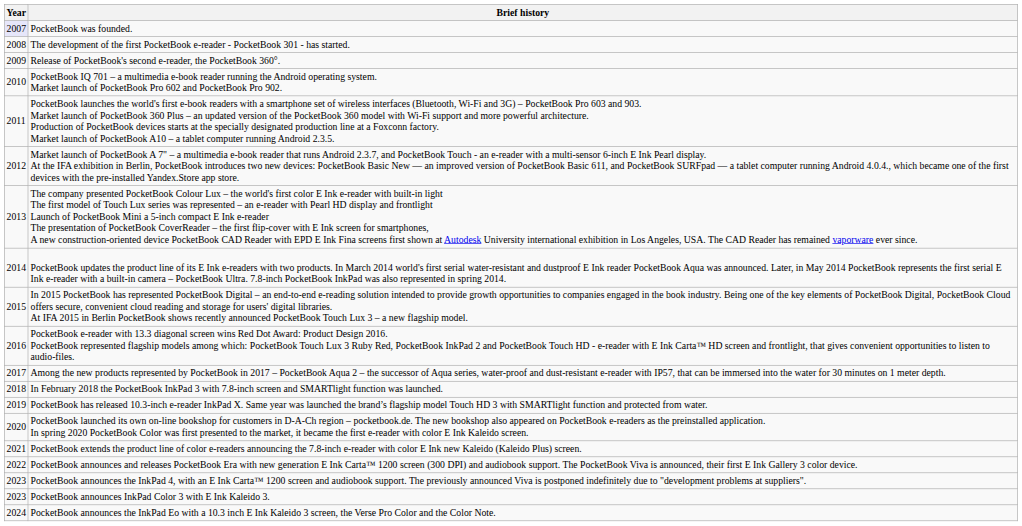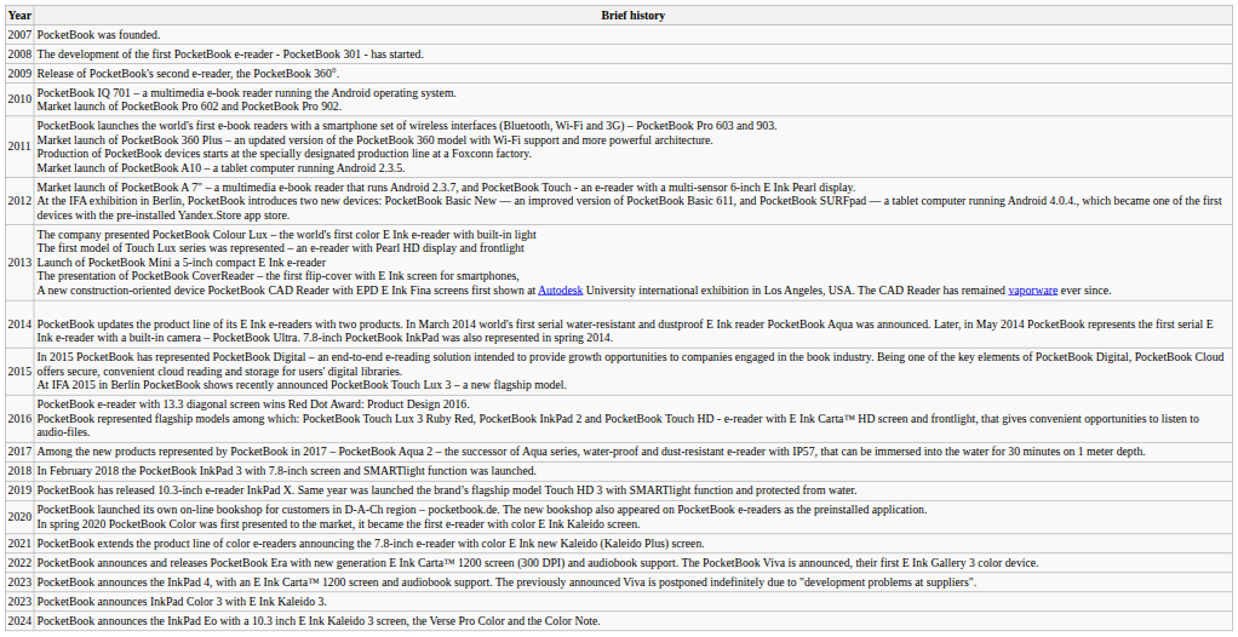 <table style="width:100%; font-size:95%; text-align: left;" class="wikitable">
 <tr>
 <th>Year</th>
 <th>Brief history</th>
 </tr>
 <tr>
-<td style="background: lavender;">2007</td>
+<td>2007</td>
 <td>PocketBook was founded.</td>
 </tr>
 <tr>
 <td>2008</td>
 <td>The development of the first PocketBook e-reader - PocketBook 301 - has started.</td>
 </tr>
 <tr>
 <td>2009</td>
 <td>Release of PocketBook's second e-reader, the PocketBook 360°.</td>
 </tr>
 <tr>
 <td>2010</td>
 <td>PocketBook IQ 701 – a multimedia e-book reader running the Android operating system.<br>Market launch of PocketBook Pro 602 and PocketBook Pro 902.</td>
 </tr>
 <tr>
 <td>2011</td>
 <td>PocketBook launches the world's first e-book readers with a smartphone set of wireless interfaces (Bluetooth, Wi-Fi and 3G) – PocketBook Pro 603 and 903.<br>Market launch of PocketBook 360 Plus – an updated version of the PocketBook 360 model with Wi-Fi support and more powerful architecture.<br>Production of PocketBook devices starts at the specially designated production line at a Foxconn factory.<br>Market launch of PocketBook A10 – a tablet computer running Android 2.3.5.</td>
 </tr>
 <tr>
 <td>2012</td>
 <td>Market launch of PocketBook A 7" – a multimedia e-book reader that runs Android 2.3.7, and PocketBook Touch - an e-reader with a multi-sensor 6-inch E Ink Pearl display.<br>At the IFA exhibition in Berlin, PocketBook introduces two new devices: PocketBook Basic New — an improved version of PocketBook Basic 611, and PocketBook SURFpad — a tablet computer running Android 4.0.4., which became one of the first devices with the pre-installed Yandex.Store app store.</td>
 </tr>
 <tr>
 <td>2013</td>
 <td>The company presented PocketBook Colour Lux – the world's first color E Ink e-reader with built-in light<br>The first model of Touch Lux series was represented – an e-reader with Pearl HD display and frontlight<br>Launch of PocketBook Mini a 5-inch compact E Ink e-reader<br>The presentation of PocketBook CoverReader – the first flip-cover with E Ink screen for smartphones,<br>A new construction-oriented device PocketBook CAD Reader with EPD E Ink Fina screens first shown at <a href='#'>Autodesk</a> University international exhibition in Los Angeles, USA. The CAD Reader has remained <a href='#'>vaporware</a> ever since.</td>
 </tr>
 <tr>
 <td>2014</td>
 <td><br>PocketBook updates the product line of its E Ink e-readers with two products. In March 2014 world's first serial water-resistant and dustproof E Ink reader PocketBook Aqua was announced. Later, in May 2014 PocketBook represents the first serial E Ink e-reader with a built-in camera – PocketBook Ultra. 7.8-inch PocketBook InkPad was also represented in spring 2014.</td>
 </tr>
 <tr>
 <td>2015</td>
 <td>In 2015 PocketBook has represented PocketBook Digital – an end-to-end e-reading solution intended to provide growth opportunities to companies engaged in the book industry. Being one of the key elements of PocketBook Digital, PocketBook Cloud offers secure, convenient cloud reading and storage for users' digital libraries.<br>At IFA 2015 in Berlin PocketBook shows recently announced PocketBook Touch Lux 3 – a new flagship model.</td>
 </tr>
 <tr>
 <td>2016</td>
 <td>PocketBook e-reader with 13.3 diagonal screen wins Red Dot Award: Product Design 2016.<br>PocketBook represented flagship models among which: PocketBook Touch Lux 3 Ruby Red, PocketBook InkPad 2 and PocketBook Touch HD - e-reader with E Ink Carta™ HD screen and frontlight, that gives convenient opportunities to listen to audio-files.</td>
 </tr>
 <tr>
 <td>2017</td>
 <td>Among the new products represented by PocketBook in 2017 – PocketBook Aqua 2 – the successor of Aqua series, water-proof and dust-resistant e-reader with IP57, that can be immersed into the water for 30 minutes on 1 meter depth.</td>
 </tr>
 <tr>
 <td>2018</td>
 <td>In February 2018 the PocketBook InkPad 3 with 7.8-inch screen and SMARTlight function was launched.</td>
 </tr>
 <tr>
 <td>2019</td>
 <td>PocketBook has released 10.3-inch e-reader InkPad X. Same year was launched the brand’s flagship model Touch HD 3 with SMARTlight function and protected from water.</td>
 </tr>
 <tr>
 <td>2020</td>
 <td>PocketBook launched its own on-line bookshop for customers in D-A-Ch region – pocketbook.de. The new bookshop also appeared on PocketBook e-readers as the preinstalled application.<br>In spring 2020 PocketBook Color was first presented to the market, it became the first e-reader with color E Ink Kaleido screen.</td>
 </tr>
 <tr>
 <td>2021</td>
 <td>PocketBook extends the product line of color e-readers announcing the 7.8-inch e-reader with color E Ink new Kaleido (Kaleido Plus) screen.</td>
 </tr>
 <tr>
 <td>2022</td>
 <td>PocketBook announces and releases PocketBook Era with new generation E Ink Carta™ 1200 screen (300 DPI) and audiobook support. The PocketBook Viva is announced, their first E Ink Gallery 3 color device.</td>
 </tr>
 <tr>
 <td>2023</td>
 <td>PocketBook announces the InkPad 4, with an E Ink Carta™ 1200 screen and audiobook support. The previously announced Viva is postponed indefinitely due to "development problems at suppliers".</td>
 </tr>
 <tr>
 <td>2023</td>
 <td>PocketBook announces InkPad Color 3 with E Ink Kaleido 3.</td>
 </tr>
 <tr>
 <td>2024</td>
 <td>PocketBook announces the InkPad Eo with a 10.3 inch E Ink Kaleido 3 screen, the Verse Pro Color and the Color Note.</td>
 </tr>
 </table>
